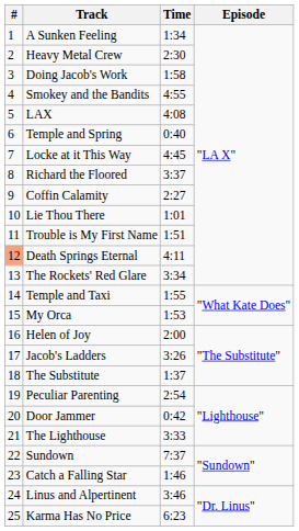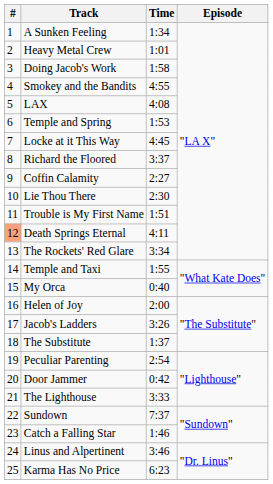 <table class="wikitable">
 <tr>
 <th>#</th>
 <th>Track</th>
 <th>Time</th>
 <th>Episode</th>
 </tr>
 <tr>
 <td>1</td>
 <td>A Sunken Feeling</td>
 <td>1:34</td>
 <td rowspan="13">"<a href='#'>LA X</a>"</td>
 </tr>
 <tr>
 <td>2</td>
 <td>Heavy Metal Crew</td>
-<td>2:30</td>
+<td>1:01</td>
 </tr>
 <tr>
 <td>3</td>
 <td>Doing Jacob's Work</td>
 <td>1:58</td>
 </tr>
 <tr>
 <td>4</td>
 <td>Smokey and the Bandits</td>
 <td>4:55</td>
 </tr>
 <tr>
 <td>5</td>
 <td>LAX</td>
 <td>4:08</td>
 </tr>
 <tr>
 <td>6</td>
 <td>Temple and Spring</td>
-<td>0:40</td>
+<td>1:53</td>
 </tr>
 <tr>
 <td>7</td>
 <td>Locke at it This Way</td>
 <td>4:45</td>
 </tr>
 <tr>
 <td>8</td>
 <td>Richard the Floored</td>
 <td>3:37</td>
 </tr>
 <tr>
 <td>9</td>
 <td>Coffin Calamity</td>
 <td>2:27</td>
 </tr>
 <tr>
 <td>10</td>
 <td>Lie Thou There</td>
-<td>1:01</td>
+<td>2:30</td>
 </tr>
 <tr>
 <td>11</td>
 <td>Trouble is My First Name</td>
 <td>1:51</td>
 </tr>
 <tr>
 <td style="background: lightsalmon;">12</td>
 <td>Death Springs Eternal</td>
 <td>4:11</td>
 </tr>
 <tr>
 <td>13</td>
 <td>The Rockets' Red Glare</td>
 <td>3:34</td>
 </tr>
 <tr>
 <td>14</td>
 <td>Temple and Taxi</td>
 <td>1:55</td>
 <td rowspan="2">"<a href='#'>What Kate Does</a>"</td>
 </tr>
 <tr>
 <td>15</td>
 <td>My Orca</td>
-<td>1:53</td>
+<td>0:40</td>
 </tr>
 <tr>
 <td>16</td>
 <td>Helen of Joy</td>
 <td>2:00</td>
 <td rowspan="3">"<a href='#'>The Substitute</a>"</td>
 </tr>
 <tr>
 <td>17</td>
 <td>Jacob's Ladders</td>
 <td>3:26</td>
 </tr>
 <tr>
 <td>18</td>
 <td>The Substitute</td>
 <td>1:37</td>
 </tr>
 <tr>
 <td>19</td>
 <td>Peculiar Parenting</td>
 <td>2:54</td>
 <td rowspan="3">"<a href='#'>Lighthouse</a>"</td>
 </tr>
 <tr>
 <td>20</td>
 <td>Door Jammer</td>
 <td>0:42</td>
 </tr>
 <tr>
 <td>21</td>
 <td>The Lighthouse</td>
 <td>3:33</td>
 </tr>
 <tr>
 <td>22</td>
 <td>Sundown</td>
 <td>7:37</td>
 <td rowspan="2">"<a href='#'>Sundown</a>"</td>
 </tr>
 <tr>
 <td>23</td>
 <td>Catch a Falling Star</td>
 <td>1:46</td>
 </tr>
 <tr>
 <td>24</td>
 <td>Linus and Alpertinent</td>
 <td>3:46</td>
 <td rowspan="2">"<a href='#'>Dr. Linus</a>"</td>
 </tr>
 <tr>
 <td>25</td>
 <td>Karma Has No Price</td>
 <td>6:23</td>
 </tr>
 </table>
